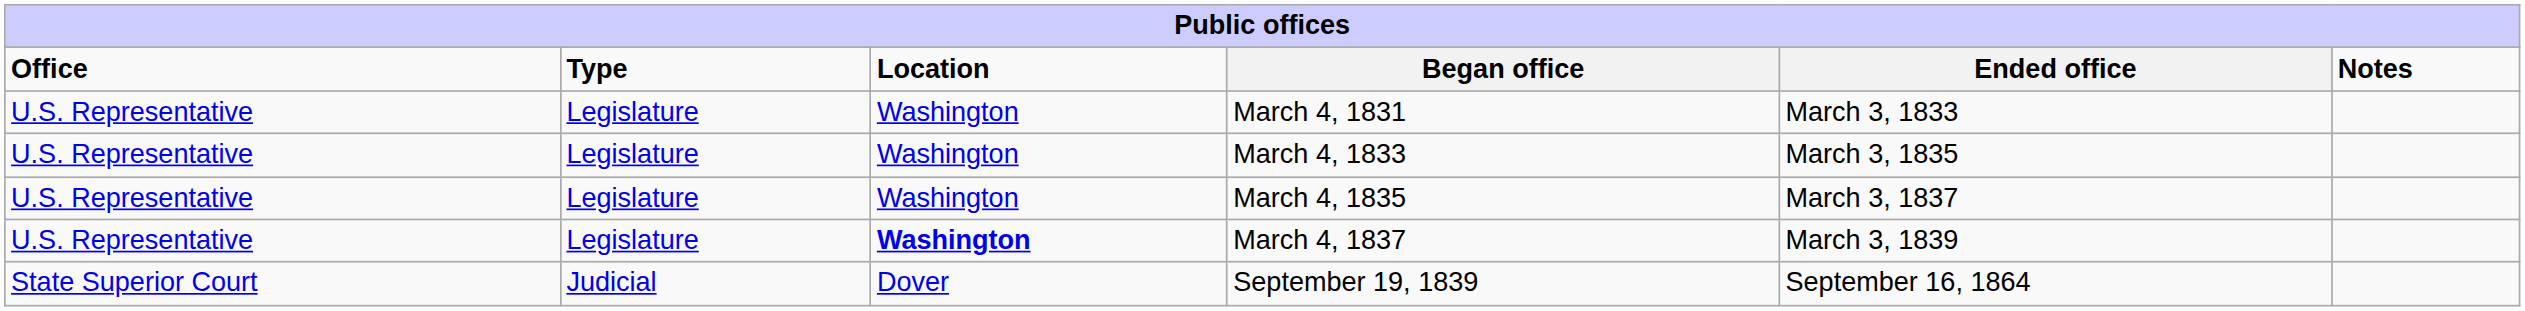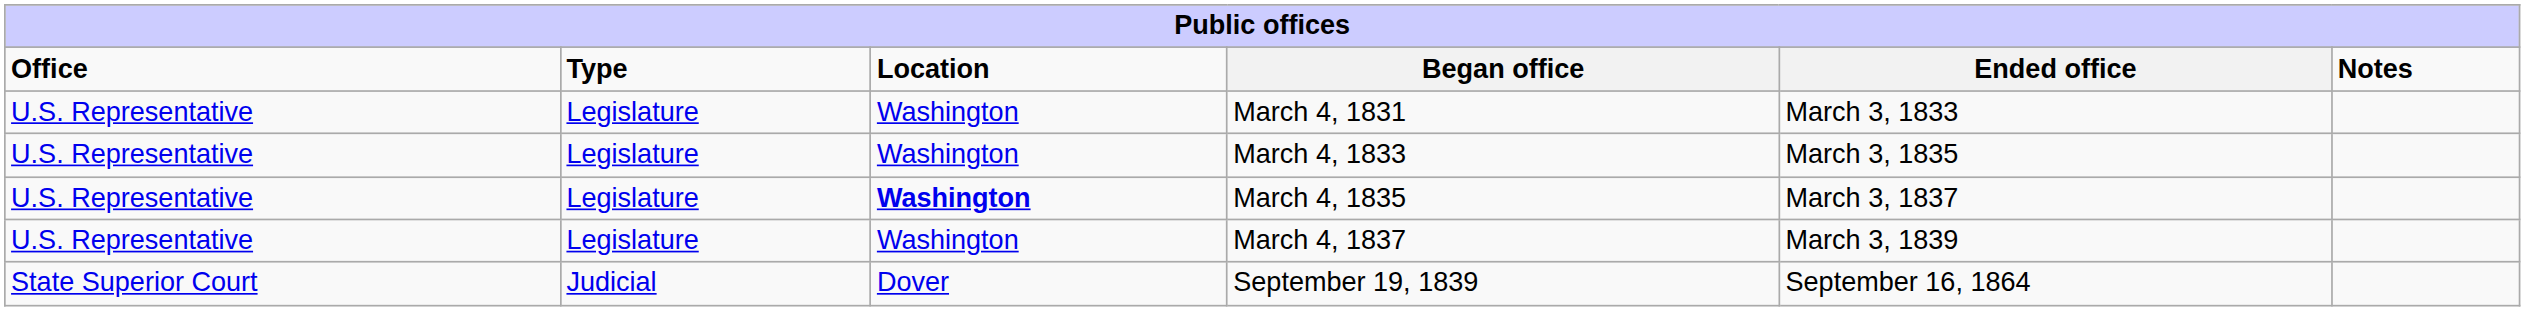 <table class=wikitable style="width: 94%" style="text-align: center;" align="center">
 <tr bgcolor=#cccccc>
 <th colspan=7 style="background: #ccccff;">Public offices</th>
 </tr>
 <tr>
 <td><strong>Office</strong></td>
 <td><strong>Type</strong></td>
 <td><strong>Location</strong></td>
 <th><strong>Began office</strong></th>
 <th><strong>Ended office</strong></th>
 <td><strong>Notes</strong></td>
 </tr>
 <tr>
 <td><a href='#'>U.S. Representative</a></td>
 <td><a href='#'>Legislature</a></td>
 <td><a href='#'>Washington</a></td>
 <td>March 4, 1831</td>
 <td>March 3, 1833</td>
 <td></td>
 </tr>
 <tr>
 <td><a href='#'>U.S. Representative</a></td>
 <td><a href='#'>Legislature</a></td>
 <td><a href='#'>Washington</a></td>
 <td>March 4, 1833</td>
 <td>March 3, 1835</td>
 <td></td>
 </tr>
 <tr>
 <td><a href='#'>U.S. Representative</a></td>
 <td><a href='#'>Legislature</a></td>
-<td><a href='#'>Washington</a></td>
+<td><strong><a href='#'>Washington</a></strong></td>
 <td>March 4, 1835</td>
 <td>March 3, 1837</td>
 <td></td>
 </tr>
 <tr>
 <td><a href='#'>U.S. Representative</a></td>
 <td><a href='#'>Legislature</a></td>
-<td><strong><a href='#'>Washington</a></strong></td>
+<td><a href='#'>Washington</a></td>
 <td>March 4, 1837</td>
 <td>March 3, 1839</td>
 <td></td>
 </tr>
 <tr>
 <td><a href='#'>State Superior Court</a></td>
 <td><a href='#'>Judicial</a></td>
 <td><a href='#'>Dover</a></td>
 <td>September 19, 1839</td>
 <td>September 16, 1864</td>
 <td></td>
 </tr>
 </table>
